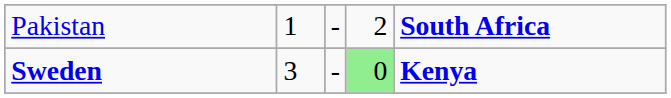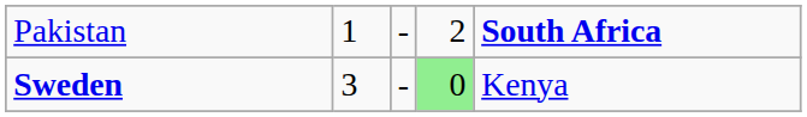 <table class="wikitable">
 <tr>
 <td width=150> <a href='#'>Pakistan</a></td>
 <td style="width:20px; text-align:left;">1</td>
 <td>-</td>
 <td style="width:20px; text-align:right;">2</td>
 <td width=150> <strong><a href='#'>South Africa</a></strong></td>
 </tr>
 <tr>
 <td> <strong><a href='#'>Sweden</a></strong></td>
 <td style="text-align:left;">3</td>
 <td>-</td>
 <td style="background: lightgreen; text-align:right;">0</td>
-<td><strong> <a href='#'>Kenya</a></strong></td>
+<td> <a href='#'>Kenya</a></td>
 </tr>
 </table>
